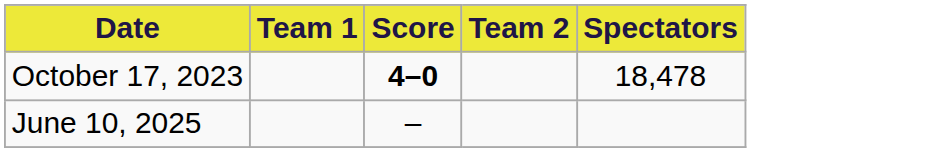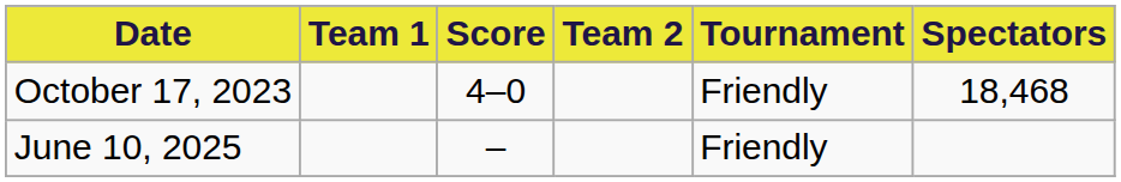 <table class="wikitable">
 <tr>
 <th style="text-align:center; background:#EDE939; color:#201547; ">Date</th>
 <th style="text-align:center; background:#EDE939; color:#201547; ">Team 1</th>
 <th style="text-align:center; background:#EDE939; color:#201547; ">Score</th>
 <th style="text-align:center; background:#EDE939; color:#201547; ">Team 2</th>
+<th style="text-align:center; background:#EDE939; color:#201547; ">Tournament</th>
 <th style="text-align:center; background:#EDE939; color:#201547; ">Spectators</th>
 </tr>
 <tr>
 <td>October 17, 2023</td>
 <td><strong></strong></td>
-<td style="text-align:center;"><strong>4–0</strong></td>
+<td style="text-align:center;">4–0</td>
 <td></td>
-<td style="text-align:center;">18,478</td>
+<td>Friendly</td>
+<td style="text-align:center;">18,468</td>
 </tr>
 <tr>
 <td>June 10, 2025</td>
 <td></td>
 <td style="text-align:center;">–</td>
 <td></td>
+<td>Friendly</td>
 <td style="text-align:center;"></td>
 </tr>
 </table>
